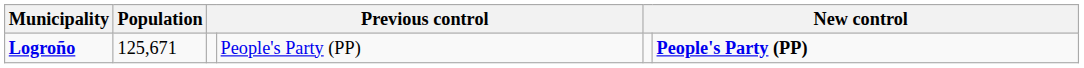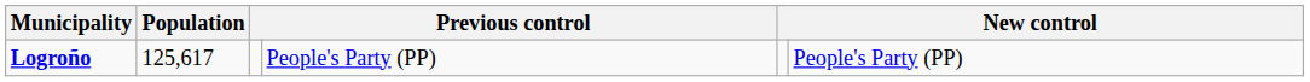 <table class="wikitable sortable">
 <tr>
 <th>Municipality</th>
 <th>Population</th>
 <th colspan="2" style="width:375px;">Previous control</th>
 <th colspan="2" style="width:375px;">New control</th>
 </tr>
 <tr>
 <td><strong><a href='#'>Logroño</a></strong></td>
-<td>125,671</td>
+<td>125,617</td>
 <td width="1" style="color:inherit;background:"></td>
 <td align="left"><a href='#'>People's Party</a> (PP)</td>
 <td width="1" style="color:inherit;background:"></td>
-<td align="left"><strong><a href='#'>People's Party</a> (PP)</strong></td>
+<td align="left"><a href='#'>People's Party</a> (PP)</td>
 </tr>
 </table>
